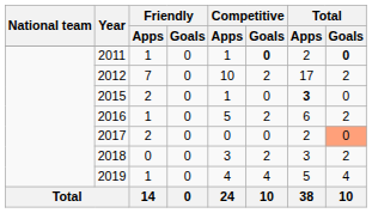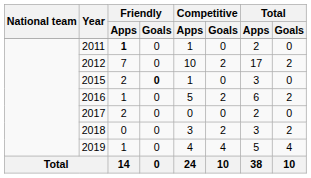 <table class="wikitable" style="text-align:center; font-size:90%;">
 <tr>
 <th rowspan="2">National team</th>
 <th rowspan="2">Year</th>
 <th colspan="2">Friendly</th>
 <th colspan="2">Competitive</th>
 <th colspan="3">Total</th>
 </tr>
 <tr>
 <th>Apps</th>
 <th>Goals</th>
 <th>Apps</th>
 <th>Goals</th>
 <th>Apps</th>
 <th>Goals</th>
 </tr>
 <tr>
 </tr>
 <tr>
 <td rowspan="7" align="left"></td>
 <td>2011</td>
+<td><strong>1</strong></td>
+<td>0</td>
 <td>1</td>
 <td>0</td>
-<td>1</td>
-<td><strong>0</strong></td>
 <td>2</td>
-<td><strong>0</strong></td>
+<td>0</td>
 </tr>
 <tr>
 <td>2012</td>
 <td>7</td>
 <td>0</td>
 <td>10</td>
 <td>2</td>
 <td>17</td>
 <td>2</td>
 </tr>
 <tr>
 <td>2015</td>
 <td>2</td>
-<td>0</td>
+<td><strong>0</strong></td>
 <td>1</td>
 <td>0</td>
-<td><strong>3</strong></td>
+<td>3</td>
 <td>0</td>
 </tr>
 <tr>
 <td>2016</td>
 <td>1</td>
 <td>0</td>
 <td>5</td>
 <td>2</td>
 <td>6</td>
 <td>2</td>
 </tr>
 <tr>
 <td>2017</td>
 <td>2</td>
 <td>0</td>
 <td>0</td>
 <td>0</td>
 <td>2</td>
-<td style="background: lightsalmon;">0</td>
+<td>0</td>
 </tr>
 <tr>
 <td>2018</td>
 <td>0</td>
 <td>0</td>
 <td>3</td>
 <td>2</td>
 <td>3</td>
 <td>2</td>
 </tr>
 <tr>
 <td>2019</td>
 <td>1</td>
 <td>0</td>
 <td>4</td>
 <td>4</td>
 <td>5</td>
 <td>4</td>
 </tr>
 <tr>
 <th colspan="2">Total</th>
 <th>14</th>
 <th>0</th>
 <th>24</th>
 <th>10</th>
 <th>38</th>
 <th>10</th>
 </tr>
 </table>
